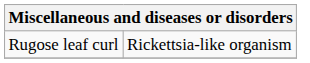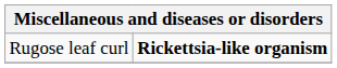 <table class="wikitable" style="clear">
 <tr>
 <th colspan=2><strong>Miscellaneous and diseases or disorders</strong><br></th>
 </tr>
 <tr>
 <td>Rugose leaf curl</td>
-<td>Rickettsia-like organism</td>
+<td><strong>Rickettsia-like organism</strong></td>
 </tr>
 <tr>
 </tr>
 </table>
